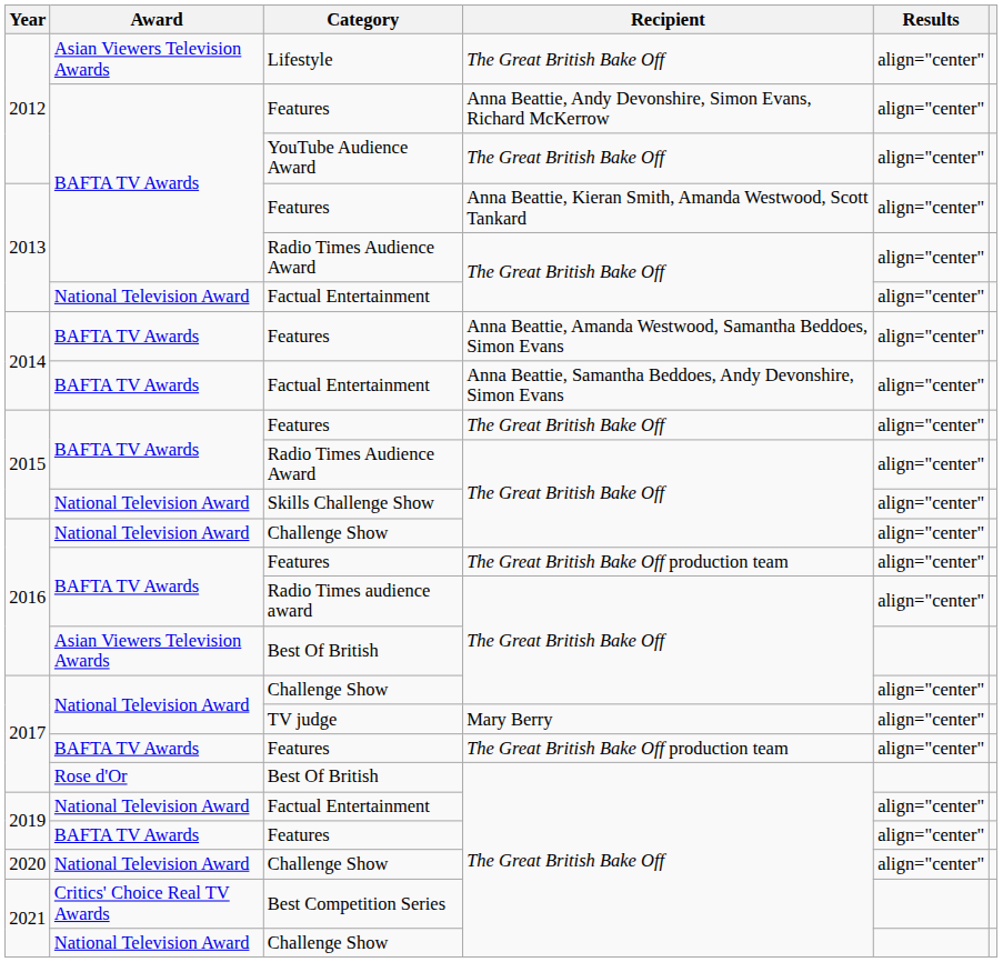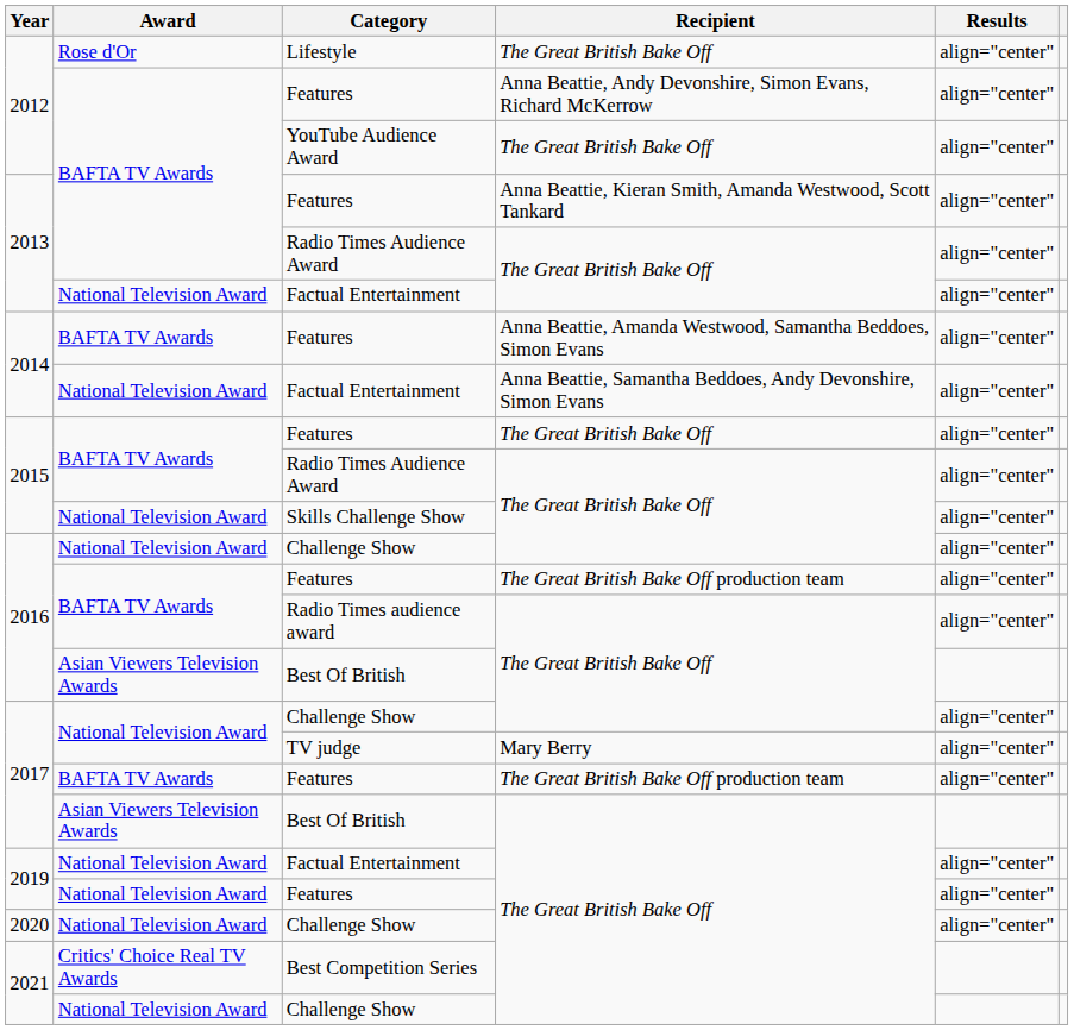 <table class="wikitable">
 <tr>
 <th>Year</th>
 <th>Award</th>
 <th>Category</th>
 <th>Recipient</th>
 <th>Results</th>
 <th></th>
 </tr>
 <tr>
 <td rowspan="3">2012</td>
-<td><a href='#'>Asian Viewers Television Awards</a></td>
+<td><a href='#'>Rose d'Or</a></td>
 <td>Lifestyle</td>
 <td><em>The Great British Bake Off</em></td>
 <td>align="center" </td>
 <td style="text-align:center;"></td>
 </tr>
 <tr>
 <td rowspan="4"><a href='#'>BAFTA TV Awards</a></td>
 <td>Features</td>
 <td>Anna Beattie, Andy Devonshire, Simon Evans, Richard McKerrow</td>
 <td>align="center" </td>
 <td style="text-align:center;"></td>
 </tr>
 <tr>
 <td>YouTube Audience Award</td>
 <td><em>The Great British Bake Off</em></td>
 <td>align="center" </td>
 <td style="text-align:center;"></td>
 </tr>
 <tr>
 <td rowspan="3">2013</td>
 <td>Features</td>
 <td>Anna Beattie, Kieran Smith, Amanda Westwood, Scott Tankard</td>
 <td>align="center" </td>
 <td style="text-align:center;"></td>
 </tr>
 <tr>
 <td>Radio Times Audience Award</td>
 <td rowspan="2"><em>The Great British Bake Off</em></td>
 <td>align="center" </td>
 <td style="text-align:center;"></td>
 </tr>
 <tr F2>
 <td><a href='#'>National Television Award</a></td>
 <td>Factual Entertainment</td>
 <td>align="center" </td>
 <td style="text-align:center;"></td>
 </tr>
 <tr>
 <td rowspan="2">2014</td>
 <td><a href='#'>BAFTA TV Awards</a></td>
 <td>Features</td>
 <td>Anna Beattie, Amanda Westwood, Samantha Beddoes, Simon Evans</td>
 <td>align="center" </td>
 <td style="text-align:center;"></td>
 </tr>
 <tr>
-<td><a href='#'>BAFTA TV Awards</a></td>
+<td><a href='#'>National Television Award</a></td>
 <td>Factual Entertainment</td>
 <td>Anna Beattie, Samantha Beddoes, Andy Devonshire, Simon Evans</td>
 <td>align="center" </td>
 <td style="text-align:center;"></td>
 </tr>
 <tr>
 <td rowspan="3">2015</td>
 <td rowspan="2"><a href='#'>BAFTA TV Awards</a></td>
 <td>Features</td>
 <td><em>The Great British Bake Off</em></td>
 <td>align="center" </td>
 <td style="text-align:center;"></td>
 </tr>
 <tr>
 <td>Radio Times Audience Award</td>
 <td rowspan="3"><em>The Great British Bake Off</em></td>
 <td>align="center" </td>
 <td style="text-align:center;"></td>
 </tr>
 <tr>
 <td><a href='#'>National Television Award</a></td>
 <td>Skills Challenge Show</td>
 <td>align="center" </td>
 <td style="text-align:center;"></td>
 </tr>
 <tr>
 <td rowspan="4">2016</td>
 <td><a href='#'>National Television Award</a></td>
 <td>Challenge Show</td>
 <td>align="center" </td>
 <td style="text-align:center;"></td>
 </tr>
 <tr>
 <td rowspan="2"><a href='#'>BAFTA TV Awards</a></td>
 <td>Features</td>
 <td><em>The Great British Bake Off</em> production team</td>
 <td>align="center" </td>
 <td style="text-align:center;"></td>
 </tr>
 <tr>
 <td>Radio Times audience award</td>
 <td rowspan="3"><em>The Great British Bake Off</em></td>
 <td>align="center" </td>
 <td style="text-align:center;"></td>
 </tr>
 <tr>
 <td><a href='#'>Asian Viewers Television Awards</a></td>
 <td>Best Of British</td>
 <td></td>
 <td></td>
 </tr>
 <tr>
 <td rowspan="4">2017</td>
 <td rowspan="2"><a href='#'>National Television Award</a></td>
 <td>Challenge Show</td>
 <td>align="center" </td>
 <td style="text-align:center;"></td>
 </tr>
 <tr>
 <td>TV judge</td>
 <td>Mary Berry</td>
 <td>align="center" </td>
 <td style="text-align:center;"></td>
 </tr>
 <tr>
 <td><a href='#'>BAFTA TV Awards</a></td>
 <td>Features</td>
 <td><em>The Great British Bake Off</em> production team</td>
 <td>align="center" </td>
 <td style="text-align:center;"></td>
 </tr>
 <tr>
-<td><a href='#'>Rose d'Or</a></td>
+<td><a href='#'>Asian Viewers Television Awards</a></td>
 <td>Best Of British</td>
 <td rowspan="6"><em>The Great British Bake Off</em></td>
 <td></td>
 <td></td>
 </tr>
 <tr>
 <td rowspan="2">2019</td>
 <td><a href='#'>National Television Award</a></td>
 <td>Factual Entertainment</td>
 <td>align="center" </td>
 <td style="text-align:center;"></td>
 </tr>
 <tr>
-<td><a href='#'>BAFTA TV Awards</a></td>
+<td><a href='#'>National Television Award</a></td>
 <td>Features</td>
 <td>align="center" </td>
 <td style="text-align:center;"></td>
 </tr>
 <tr>
 <td>2020</td>
 <td><a href='#'>National Television Award</a></td>
 <td>Challenge Show</td>
 <td>align="center" </td>
 <td style="text-align:center;"></td>
 </tr>
 <tr>
 <td rowspan="2">2021</td>
 <td><a href='#'>Critics' Choice Real TV Awards</a></td>
 <td>Best Competition Series</td>
 <td></td>
 <td align="center"></td>
 </tr>
 <tr>
 <td><a href='#'>National Television Award</a></td>
 <td>Challenge Show</td>
 <td></td>
 <td style="text-align:center;"></td>
 </tr>
 </table>
